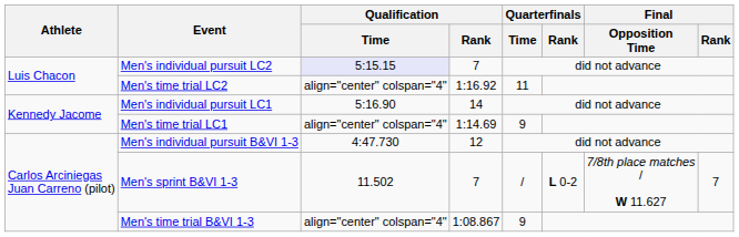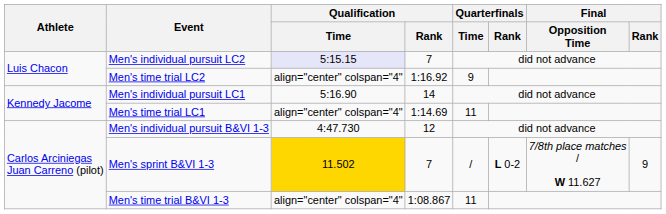 <table class=wikitable style="font-size:90%">
 <tr>
 <th rowspan="2">Athlete</th>
 <th rowspan="2">Event</th>
 <th colspan="2">Qualification</th>
 <th colspan="2">Quarterfinals</th>
 <th colspan="2">Final</th>
 </tr>
 <tr>
 <th>Time</th>
 <th>Rank</th>
 <th>Time</th>
 <th>Rank</th>
 <th>Opposition<br>Time</th>
 <th>Rank</th>
 </tr>
 <tr>
 <td rowspan="2"><a href='#'>Luis Chacon</a></td>
 <td><a href='#'>Men's individual pursuit LC2</a></td>
 <td align="center" style="background: lavender;">5:15.15</td>
 <td align="center">7</td>
 <td align="center" colspan="4">did not advance</td>
 </tr>
 <tr>
 <td><a href='#'>Men's time trial LC2</a></td>
 <td>align="center" colspan="4" </td>
 <td align="center">1:16.92</td>
-<td align="center">11</td>
+<td align="center">9</td>
 </tr>
 <tr>
 <td rowspan="2"><a href='#'>Kennedy Jacome</a></td>
 <td><a href='#'>Men's individual pursuit LC1</a></td>
 <td align="center">5:16.90</td>
 <td align="center">14</td>
 <td align="center" colspan="4">did not advance</td>
 </tr>
 <tr>
 <td><a href='#'>Men's time trial LC1</a></td>
 <td>align="center" colspan="4" </td>
 <td align="center">1:14.69</td>
-<td align="center">9</td>
+<td align="center">11</td>
 </tr>
 <tr>
 <td rowspan="3"><a href='#'>Carlos Arciniegas</a><br> <a href='#'>Juan Carreno</a> (pilot)</td>
 <td><a href='#'>Men's individual pursuit B&VI 1-3</a></td>
 <td align="center">4:47.730</td>
 <td align="center">12</td>
 <td align="center" colspan="4">did not advance</td>
 </tr>
 <tr>
 <td><a href='#'>Men's sprint B&VI 1-3</a></td>
-<td align="center">11.502</td>
+<td align="center" style="background: gold;">11.502</td>
 <td align="center">7</td>
 <td align="center"> /<br> </td>
 <td align="center"><strong>L</strong> 0-2</td>
 <td align="center"><em>7/8th place matches</em><br>  /<br> <br> <strong>W</strong> 11.627</td>
-<td align="center">7</td>
+<td align="center">9</td>
 </tr>
 <tr>
 <td><a href='#'>Men's time trial B&VI 1-3</a></td>
 <td>align="center" colspan="4" </td>
 <td align="center">1:08.867</td>
-<td align="center">9</td>
+<td align="center">11</td>
 </tr>
 </table>
